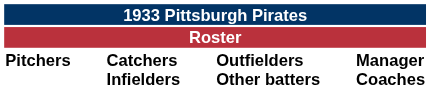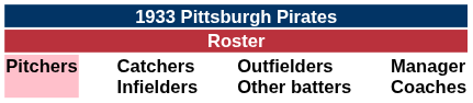 <table class="toccolours" style="font-size: 95%;">
 <tr>
 <th colspan="10" style="background-color: #023465; color: white; text-align: center;">1933 Pittsburgh Pirates</th>
 </tr>
 <tr>
 <td colspan="10" style="background-color: #ba313c; color: white; text-align: center;"><strong>Roster</strong></td>
 </tr>
 <tr>
-<td valign="top"><strong>Pitchers</strong><br>          </td>
+<td valign="top" style="background: pink;"><strong>Pitchers</strong><br>          </td>
 <td width="25px"></td>
 <td valign="top"><strong>Catchers</strong><br>    <strong>Infielders</strong>       </td>
 <td width="25px"></td>
 <td valign="top"><strong>Outfielders</strong><br>     <strong>Other batters</strong> </td>
 <td width="25px"></td>
 <td valign="top"><strong>Manager</strong><br> <strong>Coaches</strong>   </td>
 </tr>
 </table>
